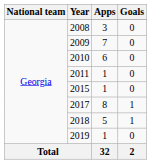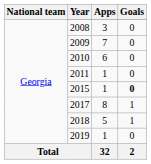 <table class="wikitable" style="text-align:center">
 <tr>
 <th>National team</th>
 <th>Year</th>
 <th>Apps</th>
 <th>Goals</th>
 </tr>
 <tr>
 <td rowspan=9><a href='#'>Georgia</a></td>
 </tr>
 <tr>
 <td>2008</td>
 <td>3</td>
 <td>0</td>
 </tr>
 <tr>
 <td>2009</td>
 <td>7</td>
 <td>0</td>
 </tr>
 <tr>
 <td>2010</td>
 <td>6</td>
 <td>0</td>
 </tr>
 <tr>
 <td>2011</td>
 <td>1</td>
 <td>0</td>
 </tr>
 <tr>
 <td>2015</td>
 <td>1</td>
-<td>0</td>
+<td><strong>0</strong></td>
 </tr>
 <tr>
 <td>2017</td>
 <td>8</td>
 <td>1</td>
 </tr>
 <tr>
 <td>2018</td>
 <td>5</td>
 <td>1</td>
 </tr>
 <tr>
 <td>2019</td>
 <td>1</td>
 <td>0</td>
 </tr>
 <tr>
 <th colspan="2">Total</th>
 <th>32</th>
 <th>2</th>
 </tr>
 </table>
